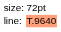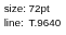 <table style="margin-left:40px;">
 <tr>
 <td>size:</td>
 <td>72pt</td>
 </tr>
 <tr>
 <td>line:</td>
-<td style="background: lightsalmon;">T.9640</td>
+<td>T.9640</td>
 </tr>
 </table>
